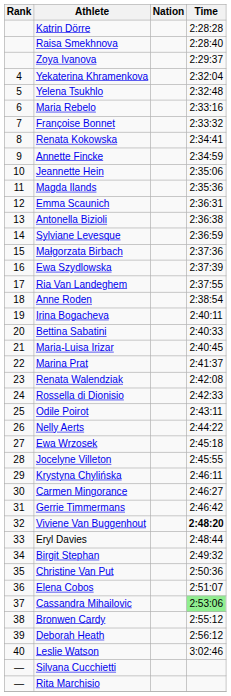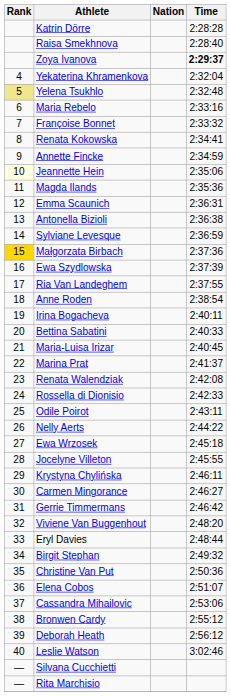 <table class="wikitable sortable" style="text-align:center;">
 <tr>
 <th>Rank</th>
 <th>Athlete</th>
 <th>Nation</th>
 <th>Time</th>
 </tr>
 <tr>
 <td></td>
 <td align=left><a href='#'>Katrin Dörre</a></td>
 <td align=left></td>
 <td>2:28:28</td>
 </tr>
 <tr>
 <td></td>
 <td align=left><a href='#'>Raisa Smekhnova</a></td>
 <td align=left></td>
 <td>2:28:40</td>
 </tr>
 <tr>
 <td></td>
 <td align=left><a href='#'>Zoya Ivanova</a></td>
 <td align=left></td>
-<td>2:29:37</td>
+<td><strong>2:29:37</strong></td>
 </tr>
 <tr>
 <td>4</td>
 <td align=left><a href='#'>Yekaterina Khramenkova</a></td>
 <td align=left></td>
 <td>2:32:04</td>
 </tr>
 <tr>
-<td>5</td>
+<td style="background: khaki;">5</td>
 <td align=left><a href='#'>Yelena Tsukhlo</a></td>
 <td align=left></td>
 <td>2:32:48</td>
 </tr>
 <tr>
 <td>6</td>
 <td align=left><a href='#'>Maria Rebelo</a></td>
 <td align=left></td>
 <td>2:33:16</td>
 </tr>
 <tr>
 <td>7</td>
 <td align=left><a href='#'>Françoise Bonnet</a></td>
 <td align=left></td>
 <td>2:33:32</td>
 </tr>
 <tr>
 <td>8</td>
 <td align=left><a href='#'>Renata Kokowska</a></td>
 <td align=left></td>
 <td>2:34:41</td>
 </tr>
 <tr>
 <td>9</td>
 <td align=left><a href='#'>Annette Fincke</a></td>
 <td align=left></td>
 <td>2:34:59</td>
 </tr>
 <tr>
-<td>10</td>
+<td style="background: lightyellow;">10</td>
 <td align=left><a href='#'>Jeannette Hein</a></td>
 <td align=left></td>
 <td>2:35:06</td>
 </tr>
 <tr>
 <td>11</td>
 <td align=left><a href='#'>Magda Ilands</a></td>
 <td align=left></td>
 <td>2:35:36</td>
 </tr>
 <tr>
 <td>12</td>
 <td align=left><a href='#'>Emma Scaunich</a></td>
 <td align=left></td>
 <td>2:36:31</td>
 </tr>
 <tr>
 <td>13</td>
 <td align=left><a href='#'>Antonella Bizioli</a></td>
 <td align=left></td>
 <td>2:36:38</td>
 </tr>
 <tr>
 <td>14</td>
 <td align=left><a href='#'>Sylviane Levesque</a></td>
 <td align=left></td>
 <td>2:36:59</td>
 </tr>
 <tr>
-<td>15</td>
+<td style="background: gold;">15</td>
 <td align=left><a href='#'>Małgorzata Birbach</a></td>
 <td align=left></td>
 <td>2:37:36</td>
 </tr>
 <tr>
 <td>16</td>
 <td align=left><a href='#'>Ewa Szydlowska</a></td>
 <td align=left></td>
 <td>2:37:39</td>
 </tr>
 <tr>
 <td>17</td>
 <td align=left><a href='#'>Ria Van Landeghem</a></td>
 <td align=left></td>
 <td>2:37:55</td>
 </tr>
 <tr>
 <td>18</td>
 <td align=left><a href='#'>Anne Roden</a></td>
 <td align=left></td>
 <td>2:38:54</td>
 </tr>
 <tr>
 <td>19</td>
 <td align=left><a href='#'>Irina Bogacheva</a></td>
 <td align=left></td>
 <td>2:40:11</td>
 </tr>
 <tr>
 <td>20</td>
 <td align=left><a href='#'>Bettina Sabatini</a></td>
 <td align=left></td>
 <td>2:40:33</td>
 </tr>
 <tr>
 <td>21</td>
 <td align=left><a href='#'>Maria-Luisa Irizar</a></td>
 <td align=left></td>
 <td>2:40:45</td>
 </tr>
 <tr>
 <td>22</td>
 <td align=left><a href='#'>Marina Prat</a></td>
 <td align=left></td>
 <td>2:41:37</td>
 </tr>
 <tr>
 <td>23</td>
 <td align=left><a href='#'>Renata Walendziak</a></td>
 <td align=left></td>
 <td>2:42:08</td>
 </tr>
 <tr>
 <td>24</td>
 <td align=left><a href='#'>Rossella di Dionisio</a></td>
 <td align=left></td>
 <td>2:42:33</td>
 </tr>
 <tr>
 <td>25</td>
 <td align=left><a href='#'>Odile Poirot</a></td>
 <td align=left></td>
 <td>2:43:11</td>
 </tr>
 <tr>
 <td>26</td>
 <td align=left><a href='#'>Nelly Aerts</a></td>
 <td align=left></td>
 <td>2:44:22</td>
 </tr>
 <tr>
 <td>27</td>
 <td align=left><a href='#'>Ewa Wrzosek</a></td>
 <td align=left></td>
 <td>2:45:18</td>
 </tr>
 <tr>
 <td>28</td>
 <td align=left><a href='#'>Jocelyne Villeton</a></td>
 <td align=left></td>
 <td>2:45:55</td>
 </tr>
 <tr>
 <td>29</td>
 <td align=left><a href='#'>Krystyna Chylińska</a></td>
 <td align=left></td>
 <td>2:46:11</td>
 </tr>
 <tr>
 <td>30</td>
 <td align=left><a href='#'>Carmen Mingorance</a></td>
 <td align=left></td>
 <td>2:46:27</td>
 </tr>
 <tr>
 <td>31</td>
 <td align=left><a href='#'>Gerrie Timmermans</a></td>
 <td align=left></td>
 <td>2:46:42</td>
 </tr>
 <tr>
 <td>32</td>
 <td align=left><a href='#'>Viviene Van Buggenhout</a></td>
 <td align=left></td>
-<td><strong>2:48:20</strong></td>
+<td>2:48:20</td>
 </tr>
 <tr>
 <td>33</td>
 <td align=left>Eryl Davies</td>
 <td align=left></td>
 <td>2:48:44</td>
 </tr>
 <tr>
 <td>34</td>
 <td align=left><a href='#'>Birgit Stephan</a></td>
 <td align=left></td>
 <td>2:49:32</td>
 </tr>
 <tr>
 <td>35</td>
 <td align=left><a href='#'>Christine Van Put</a></td>
 <td align=left></td>
 <td>2:50:36</td>
 </tr>
 <tr>
 <td>36</td>
 <td align=left><a href='#'>Elena Cobos</a></td>
 <td align=left></td>
 <td>2:51:07</td>
 </tr>
 <tr>
 <td>37</td>
 <td align=left><a href='#'>Cassandra Mihailovic</a></td>
 <td align=left></td>
-<td style="background: lightgreen;">2:53:06</td>
+<td>2:53:06</td>
 </tr>
 <tr>
 <td>38</td>
 <td align=left><a href='#'>Bronwen Cardy</a></td>
 <td align=left></td>
 <td>2:55:12</td>
 </tr>
 <tr>
 <td>39</td>
 <td align=left><a href='#'>Deborah Heath</a></td>
 <td align=left></td>
 <td>2:56:12</td>
 </tr>
 <tr>
 <td>40</td>
 <td align=left><a href='#'>Leslie Watson</a></td>
 <td align="left"></td>
 <td>3:02:46</td>
 </tr>
 <tr>
 <td>—</td>
 <td align=left><a href='#'>Silvana Cucchietti</a></td>
 <td align=left></td>
 <td></td>
 </tr>
 <tr>
 <td>—</td>
 <td align=left><a href='#'>Rita Marchisio</a></td>
 <td align=left></td>
 <td></td>
 </tr>
 <tr>
 </tr>
 </table>
